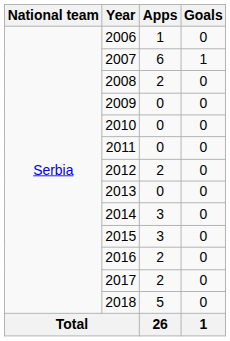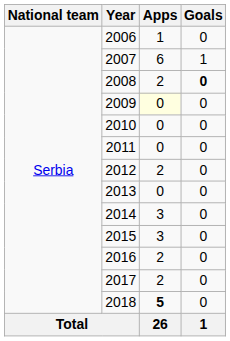 <table class="wikitable" style="text-align:center">
 <tr>
 <th>National team</th>
 <th>Year</th>
 <th>Apps</th>
 <th>Goals</th>
 </tr>
 <tr>
 <td rowspan="13"><a href='#'>Serbia</a></td>
 <td>2006</td>
 <td>1</td>
 <td>0</td>
 </tr>
 <tr>
 <td>2007</td>
 <td>6</td>
 <td>1</td>
 </tr>
 <tr>
 <td>2008</td>
 <td>2</td>
-<td>0</td>
+<td><strong>0</strong></td>
 </tr>
 <tr>
 <td>2009</td>
-<td>0</td>
+<td style="background: lightyellow;">0</td>
 <td>0</td>
 </tr>
 <tr>
 <td>2010</td>
 <td>0</td>
 <td>0</td>
 </tr>
 <tr>
 <td>2011</td>
 <td>0</td>
 <td>0</td>
 </tr>
 <tr>
 <td>2012</td>
 <td>2</td>
 <td>0</td>
 </tr>
 <tr>
 <td>2013</td>
 <td>0</td>
 <td>0</td>
 </tr>
 <tr>
 <td>2014</td>
 <td>3</td>
 <td>0</td>
 </tr>
 <tr>
 <td>2015</td>
 <td>3</td>
 <td>0</td>
 </tr>
 <tr>
 <td>2016</td>
 <td>2</td>
 <td>0</td>
 </tr>
 <tr>
 <td>2017</td>
 <td>2</td>
 <td>0</td>
 </tr>
 <tr>
 <td>2018</td>
-<td>5</td>
+<td><strong>5</strong></td>
 <td>0</td>
 </tr>
 <tr>
 <th colspan="2">Total</th>
 <th>26</th>
 <th>1</th>
 </tr>
 </table>
